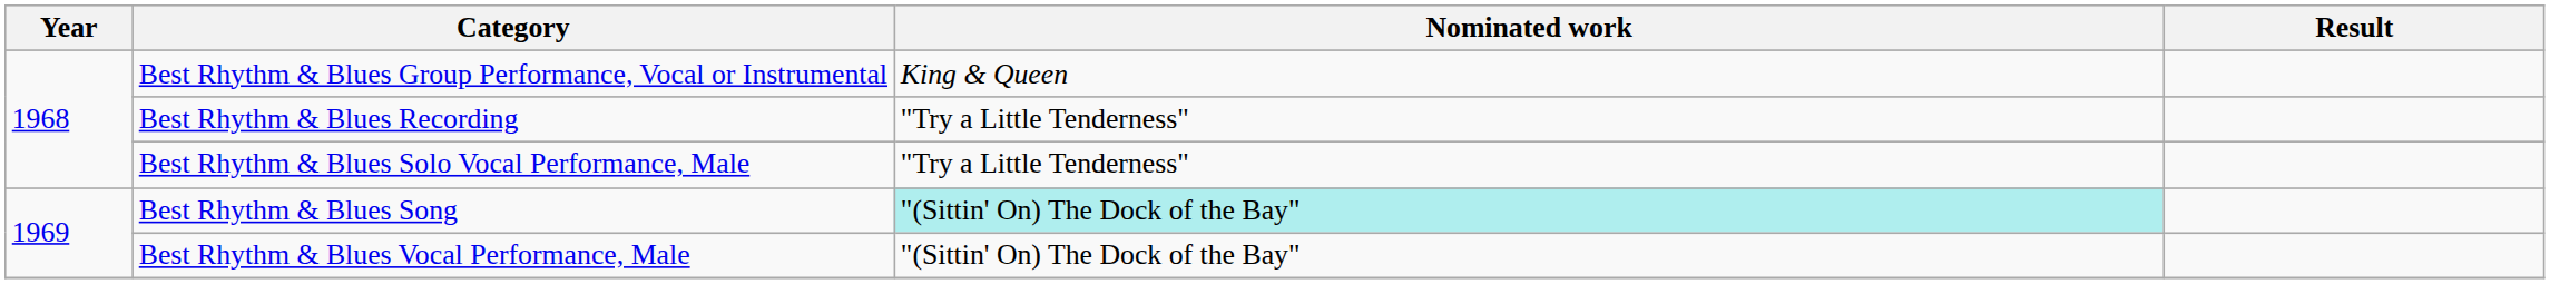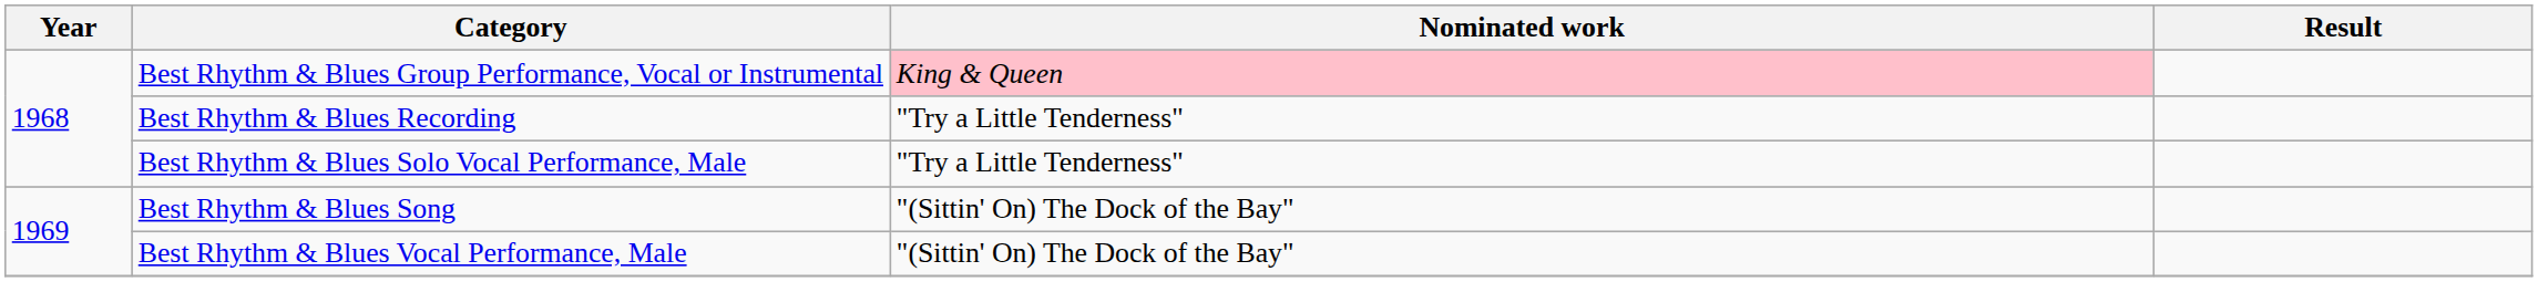 <table class="wikitable">
 <tr>
 <th width="5%">Year</th>
 <th width="30%">Category</th>
 <th width="50%">Nominated work</th>
 <th width="15%">Result</th>
 </tr>
 <tr>
 <td rowspan="3"><a href='#'>1968</a></td>
 <td><a href='#'>Best Rhythm & Blues Group Performance, Vocal or Instrumental</a></td>
-<td><em>King & Queen</em></td>
+<td style="background: pink;"><em>King & Queen</em></td>
 <td></td>
 </tr>
 <tr>
 <td><a href='#'>Best Rhythm & Blues Recording</a></td>
 <td>"Try a Little Tenderness"</td>
 <td></td>
 </tr>
 <tr>
 <td><a href='#'>Best Rhythm & Blues Solo Vocal Performance, Male</a></td>
 <td>"Try a Little Tenderness"</td>
 <td></td>
 </tr>
 <tr>
 <td rowspan="2"><a href='#'>1969</a></td>
 <td><a href='#'>Best Rhythm & Blues Song</a></td>
-<td style="background: paleturquoise;">"(Sittin' On) The Dock of the Bay"</td>
+<td>"(Sittin' On) The Dock of the Bay"</td>
 <td></td>
 </tr>
 <tr>
 <td><a href='#'>Best Rhythm & Blues Vocal Performance, Male</a></td>
 <td>"(Sittin' On) The Dock of the Bay"</td>
 <td></td>
 </tr>
 <tr>
 </tr>
 </table>
